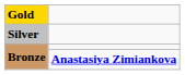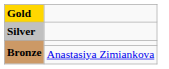 <table class="wikitable">
 <tr>
 <td bgcolor="gold"><strong>Gold</strong></td>
 <td></td>
 </tr>
 <tr>
 <td bgcolor="silver"><strong>Silver</strong></td>
 <td></td>
 </tr>
 <tr>
 <td rowspan="2" bgcolor="#cc9966"><strong>Bronze</strong></td>
 <td></td>
 </tr>
 <tr>
-<td><strong> <a href='#'>Anastasiya Zimiankova</a> </strong></td>
+<td> <a href='#'>Anastasiya Zimiankova</a> </td>
 </tr>
 </table>
